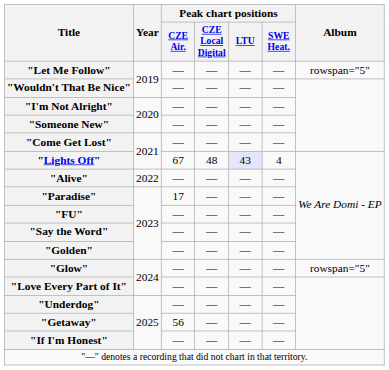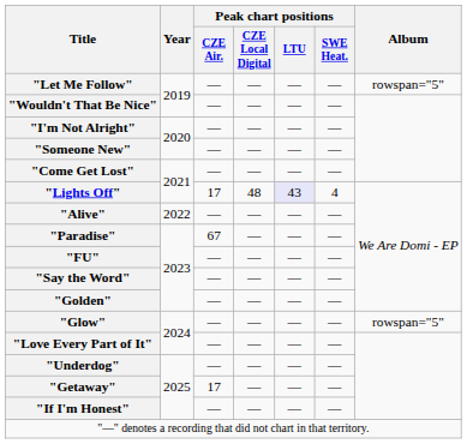 <table class="wikitable plainrowheaders" style="text-align:center;">
 <tr>
 <th scope="col" rowspan="2">Title</th>
 <th scope="col" rowspan="2">Year</th>
 <th scope="col" colspan="4">Peak chart positions</th>
 <th scope="col" rowspan="2">Album</th>
 </tr>
 <tr>
 <th scope="col" style="width:3em;font-size:85%;"><a href='#'>CZE<br>Air.</a><br></th>
 <th scope="col" style="width:3em;font-size:85%;"><a href='#'>CZE<br>Local<br>Digital</a><br></th>
 <th scope="col" style="width:3em;font-size:85%;"><a href='#'>LTU</a><br></th>
 <th scope="col" style="width:3em;font-size:85%;"><a href='#'>SWE<br>Heat.</a><br></th>
 </tr>
 <tr>
 <th scope="row">"Let Me Follow"</th>
 <td rowspan="2">2019</td>
 <td>—</td>
 <td>—</td>
 <td>—</td>
 <td>—</td>
 <td>rowspan="5" </td>
 </tr>
 <tr>
 <th scope="row">"Wouldn't That Be Nice"</th>
 <td>—</td>
 <td>—</td>
 <td>—</td>
 <td>—</td>
 </tr>
 <tr>
 <th scope="row">"I'm Not Alright"</th>
 <td rowspan="2">2020</td>
 <td>—</td>
 <td>—</td>
 <td>—</td>
 <td>—</td>
 </tr>
 <tr>
 <th scope="row">"Someone New"</th>
 <td>—</td>
 <td>—</td>
 <td>—</td>
 <td>—</td>
 </tr>
 <tr>
 <th scope="row">"Come Get Lost"</th>
 <td rowspan="2">2021</td>
 <td>—</td>
 <td>—</td>
 <td>—</td>
 <td>—</td>
 </tr>
 <tr>
 <th scope="row">"<a href='#'>Lights Off</a>"</th>
-<td>67</td>
+<td>17</td>
 <td>48</td>
 <td style="background: lavender;">43</td>
 <td>4</td>
 <td rowspan="6"><em>We Are Domi - EP</em></td>
 </tr>
 <tr>
 <th scope="row">"Alive"</th>
 <td>2022</td>
 <td>—</td>
 <td>—</td>
 <td>—</td>
 <td>—</td>
 </tr>
 <tr>
 <th scope="row">"Paradise"</th>
 <td rowspan="4">2023</td>
-<td>17</td>
+<td>67</td>
 <td>—</td>
 <td>—</td>
 <td>—</td>
 </tr>
 <tr>
 <th scope="row">"FU"</th>
 <td>—</td>
 <td>—</td>
 <td>—</td>
 <td>—</td>
 </tr>
 <tr>
 <th scope="row">"Say the Word"</th>
 <td>—</td>
 <td>—</td>
 <td>—</td>
 <td>—</td>
 </tr>
 <tr>
 <th scope="row">"Golden"</th>
 <td>—</td>
 <td>—</td>
 <td>—</td>
 <td>—</td>
 </tr>
 <tr>
 <th scope="row">"Glow"</th>
 <td rowspan="2">2024</td>
 <td>—</td>
 <td>—</td>
 <td>—</td>
 <td>—</td>
 <td>rowspan="5" </td>
 </tr>
 <tr>
 <th scope="row">"Love Every Part of It"</th>
 <td>—</td>
 <td>—</td>
 <td>—</td>
 <td>—</td>
 </tr>
 <tr>
 <th scope="row">"Underdog"</th>
 <td rowspan="3">2025</td>
 <td>—</td>
 <td>—</td>
 <td>—</td>
 <td>—</td>
 </tr>
 <tr>
 <th scope="row">"Getaway"</th>
-<td>56</td>
+<td>17</td>
 <td>—</td>
 <td>—</td>
 <td>—</td>
 </tr>
 <tr>
 <th scope="row">"If I'm Honest"</th>
 <td>—</td>
 <td>—</td>
 <td>—</td>
 <td>—</td>
 </tr>
 <tr>
 <td colspan="7" style="font-size:85%">"—" denotes a recording that did not chart in that territory.</td>
 </tr>
 </table>
